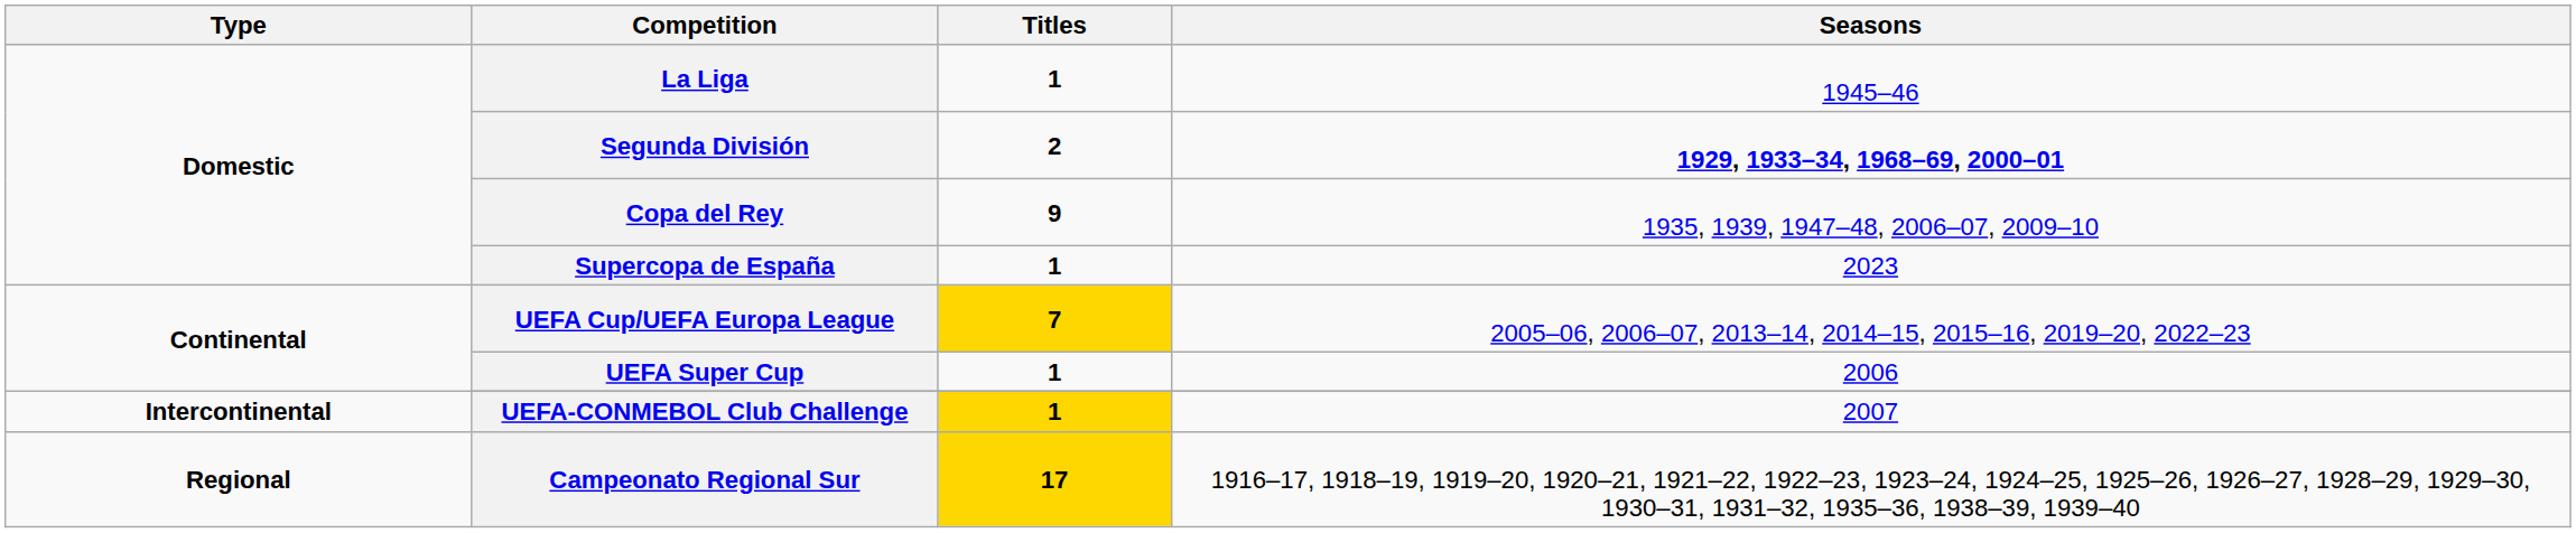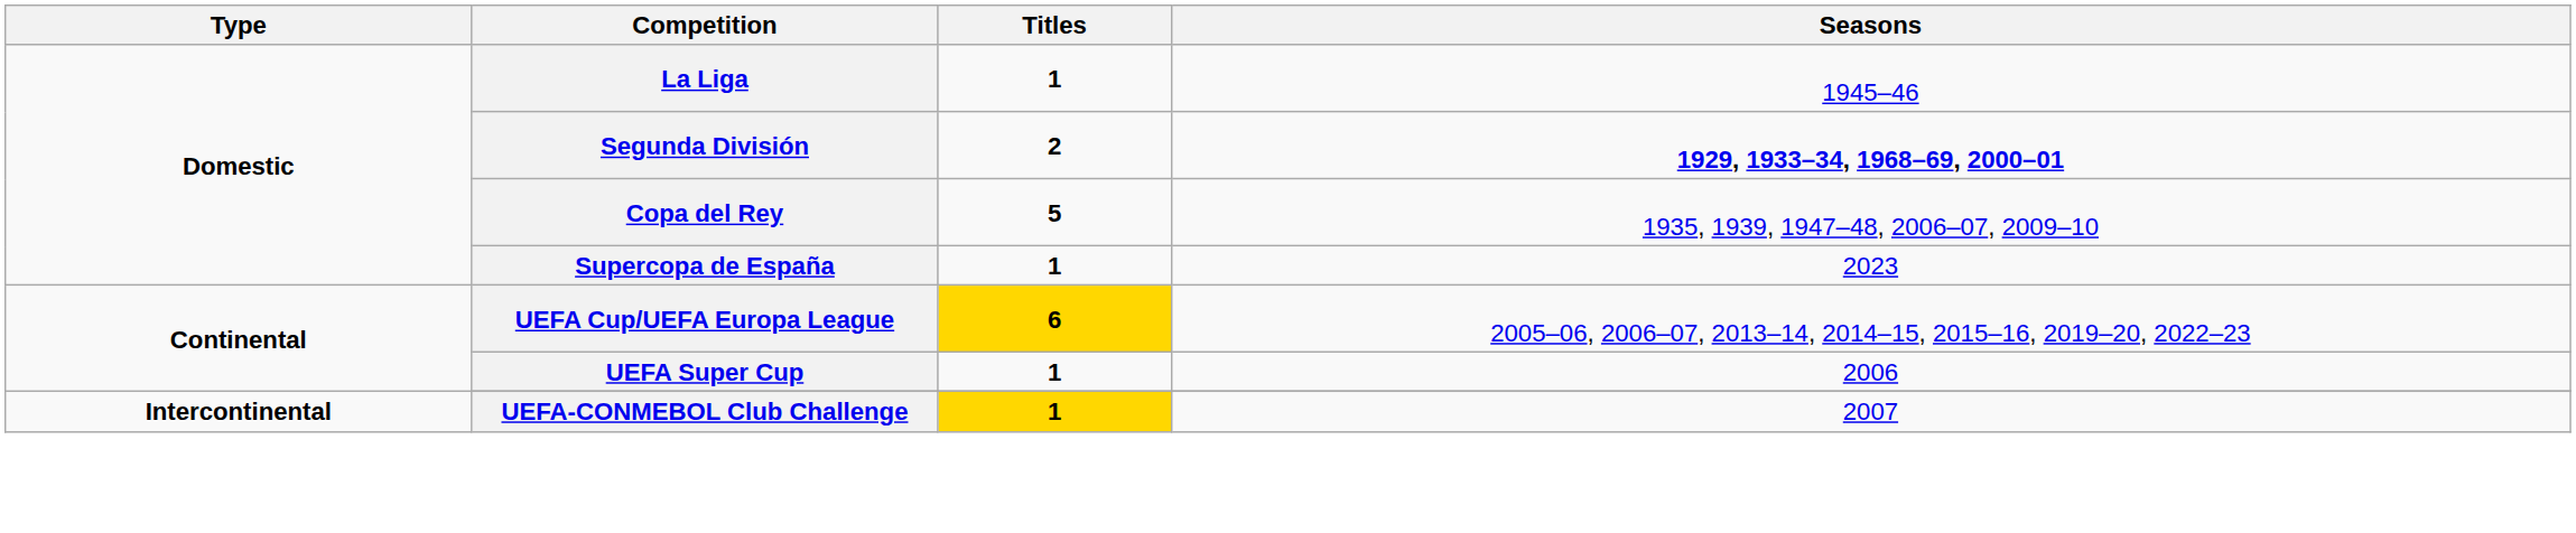 <table class="wikitable plainrowheaders" style="font-size:95%; text-align:center;">
 <tr>
 <th style="width: 10%;">Type</th>
 <th style="width: 10%;">Competition</th>
 <th style="width: 5%;">Titles</th>
 <th style="width: 30%;">Seasons</th>
 </tr>
 <tr>
 <td rowspan="4"><strong>Domestic</strong></td>
 <th scope=col><a href='#'>La Liga</a></th>
 <td><strong>1</strong></td>
 <td><br><a href='#'>1945–46</a></td>
 </tr>
 <tr>
 <th scope=col><a href='#'>Segunda División</a></th>
 <td><strong>2</strong></td>
 <td><strong><br><a href='#'>1929</a>,  <a href='#'>1933–34</a>,  <a href='#'>1968–69</a>,  <a href='#'>2000–01</a></strong></td>
 </tr>
 <tr>
 <th scope=col><a href='#'>Copa del Rey</a></th>
-<td><strong>9</strong></td>
+<td><strong>5</strong></td>
 <td><br><a href='#'>1935</a>, <a href='#'>1939</a>, <a href='#'>1947–48</a>, <a href='#'>2006–07</a>, <a href='#'>2009–10</a></td>
 </tr>
 <tr>
 <th scope=col><a href='#'>Supercopa de España</a></th>
 <td><strong>1</strong></td>
 <td><a href='#'>2023</a></td>
 </tr>
 <tr>
 <td rowspan="2"><strong>Continental</strong></td>
 <th scope=col><a href='#'>UEFA Cup/UEFA Europa League</a></th>
-<td scope=col style="background-color: gold"><strong>7</strong></td>
+<td scope=col style="background-color: gold"><strong>6</strong></td>
 <td><br><a href='#'>2005–06</a>,  <a href='#'>2006–07</a>,  <a href='#'>2013–14</a>,  <a href='#'>2014–15</a>,  <a href='#'>2015–16</a>, <a href='#'>2019–20</a>,  <a href='#'>2022–23</a></td>
 </tr>
 <tr>
 <th scope=col><a href='#'>UEFA Super Cup</a></th>
 <td><strong>1</strong></td>
 <td><a href='#'>2006</a></td>
 </tr>
 <tr>
 <td rowspan="2"><strong>Intercontinental</strong></td>
 </tr>
 <tr>
 <th scope=col><a href='#'>UEFA-CONMEBOL Club Challenge</a></th>
 <td scope=col style="background-color: gold"><strong>1</strong></td>
 <td><a href='#'>2007</a></td>
 </tr>
-<tr>
-<td><strong>Regional</strong></td>
-<th scope="col"><a href='#'>Campeonato Regional Sur</a></th>
-<td scope="col" style="background-color: gold"><strong>17</strong></td>
-<td><br>1916–17,  1918–19,  1919–20,  1920–21,  1921–22,  1922–23,  1923–24,  1924–25,  1925–26,  1926–27,  1928–29,  1929–30,  1930–31,  1931–32,  1935–36,  1938–39,  1939–40</td>
-</tr>
 </table>
